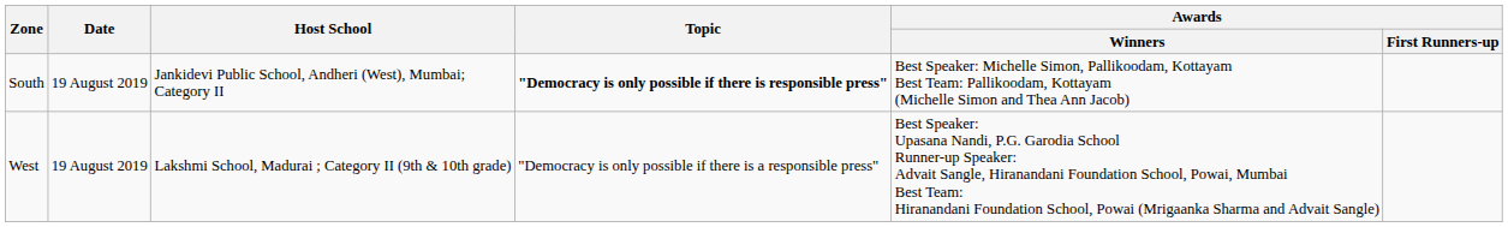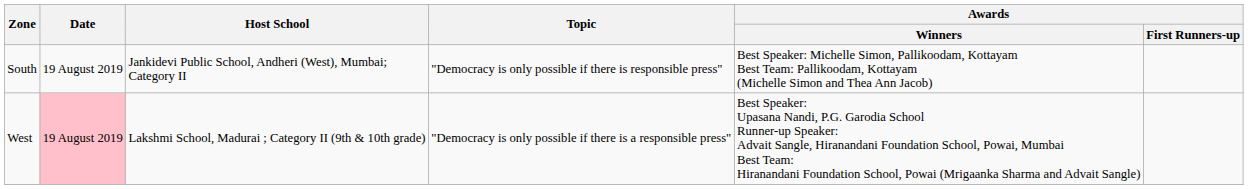 <table class="wikitable">
 <tr>
 <th rowspan="2">Zone</th>
 <th rowspan="2">Date</th>
 <th rowspan="2">Host School</th>
 <th rowspan="2">Topic</th>
 <th colspan="2">Awards</th>
 </tr>
 <tr>
 <th>Winners</th>
 <th>First Runners-up</th>
 </tr>
 <tr>
 <td align="center">South</td>
 <td>19 August 2019</td>
 <td>Jankidevi Public School, Andheri (West), Mumbai;<br>Category II</td>
-<td><strong>"Democracy is only possible if there is responsible press"</strong></td>
+<td>"Democracy is only possible if there is responsible press"</td>
 <td>Best Speaker: Michelle Simon, Pallikoodam, Kottayam<br>Best Team:  Pallikoodam, Kottayam<br>(Michelle Simon and Thea Ann Jacob)</td>
 <td></td>
 </tr>
 <tr>
 <td>West</td>
-<td>19 August 2019</td>
+<td style="background: pink;">19 August 2019</td>
 <td>Lakshmi School, Madurai ; Category II (9th & 10th grade)</td>
 <td>"Democracy is only possible if there is a responsible press"</td>
 <td>Best Speaker:<br>Upasana Nandi, P.G. Garodia School<br>Runner-up Speaker:<br>Advait Sangle, Hiranandani Foundation School, Powai, Mumbai<br>Best Team:<br>Hiranandani Foundation School, Powai (Mrigaanka Sharma and Advait Sangle)</td>
 </tr>
 </table>
